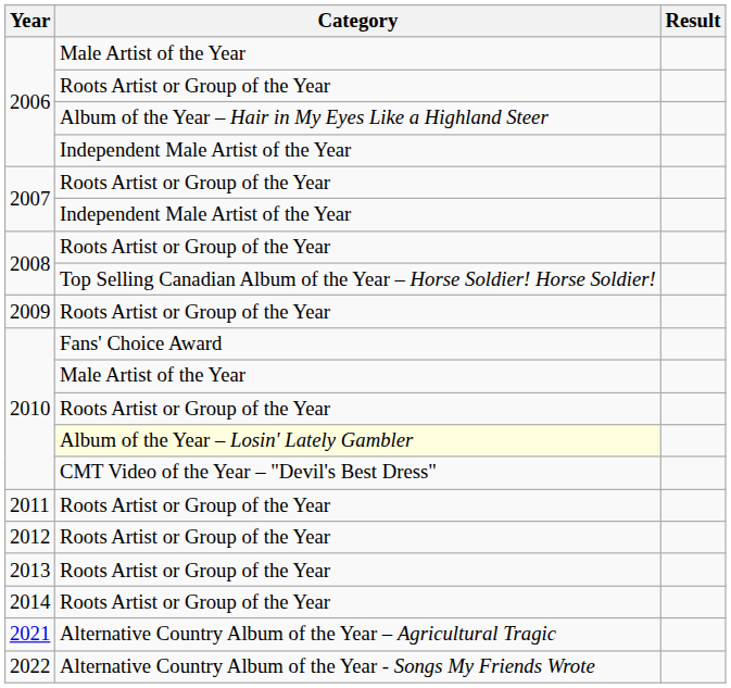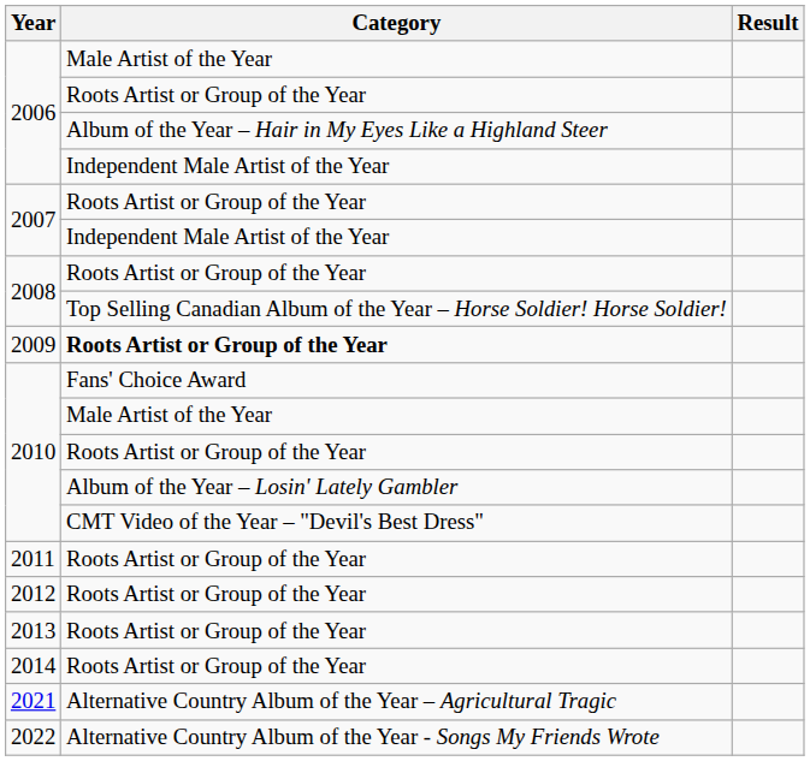 <table class="wikitable">
 <tr>
 <th>Year</th>
 <th>Category</th>
 <th>Result</th>
 </tr>
 <tr>
 <td rowspan="4">2006</td>
 <td>Male Artist of the Year</td>
 <td></td>
 </tr>
 <tr>
 <td>Roots Artist or Group of the Year</td>
 <td></td>
 </tr>
 <tr>
 <td>Album of the Year – <em>Hair in My Eyes Like a Highland Steer</em></td>
 <td></td>
 </tr>
 <tr>
 <td>Independent Male Artist of the Year</td>
 <td></td>
 </tr>
 <tr>
 <td rowspan="2">2007</td>
 <td>Roots Artist or Group of the Year</td>
 <td></td>
 </tr>
 <tr>
 <td>Independent Male Artist of the Year</td>
 <td></td>
 </tr>
 <tr>
 <td rowspan="2">2008</td>
 <td>Roots Artist or Group of the Year</td>
 <td></td>
 </tr>
 <tr>
 <td>Top Selling Canadian Album of the Year – <em>Horse Soldier! Horse Soldier!</em></td>
 <td></td>
 </tr>
 <tr>
 <td>2009</td>
-<td>Roots Artist or Group of the Year</td>
+<td><strong>Roots Artist or Group of the Year</strong></td>
 <td></td>
 </tr>
 <tr>
 <td rowspan="5">2010</td>
 <td>Fans' Choice Award</td>
 <td></td>
 </tr>
 <tr>
 <td>Male Artist of the Year</td>
 <td></td>
 </tr>
 <tr>
 <td>Roots Artist or Group of the Year</td>
 <td></td>
 </tr>
 <tr>
-<td style="background: lightyellow;">Album of the Year – <em>Losin' Lately Gambler</em></td>
+<td>Album of the Year – <em>Losin' Lately Gambler</em></td>
 <td></td>
 </tr>
 <tr>
 <td>CMT Video of the Year – "Devil's Best Dress"</td>
 <td></td>
 </tr>
 <tr>
 <td>2011</td>
 <td>Roots Artist or Group of the Year</td>
 <td></td>
 </tr>
 <tr>
 <td>2012</td>
 <td>Roots Artist or Group of the Year</td>
 <td></td>
 </tr>
 <tr>
 <td>2013</td>
 <td>Roots Artist or Group of the Year</td>
 <td></td>
 </tr>
 <tr>
 <td>2014</td>
 <td>Roots Artist or Group of the Year</td>
 <td></td>
 </tr>
 <tr>
 <td><a href='#'>2021</a></td>
 <td>Alternative Country Album of the Year – <em>Agricultural Tragic</em></td>
 <td></td>
 </tr>
 <tr>
 <td>2022</td>
 <td>Alternative Country Album of the Year - <em>Songs My Friends Wrote</em></td>
 <td></td>
 </tr>
 </table>
